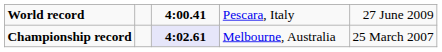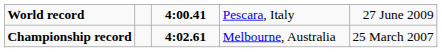 <table class="wikitable">
 <tr>
 <td><strong>World record</strong></td>
 <td style="padding-right:1em"></td>
 <td style="text-align:center;padding-left:1em; padding-right:1em;"><strong>4:00.41</strong></td>
 <td style="padding-right:1em"><a href='#'>Pescara</a>, Italy</td>
 <td align=right>27 June 2009</td>
 </tr>
 <tr>
 <td><strong>Championship record</strong></td>
 <td style="padding-right:1em"></td>
-<td style="background: lavender; text-align:center;padding-left:1em; padding-right:1em;"><strong>4:02.61</strong></td>
+<td style="text-align:center;padding-left:1em; padding-right:1em;"><strong>4:02.61</strong></td>
 <td style="padding-right:1em"><a href='#'>Melbourne</a>, Australia</td>
 <td align=right>25 March 2007</td>
 </tr>
 </table>
